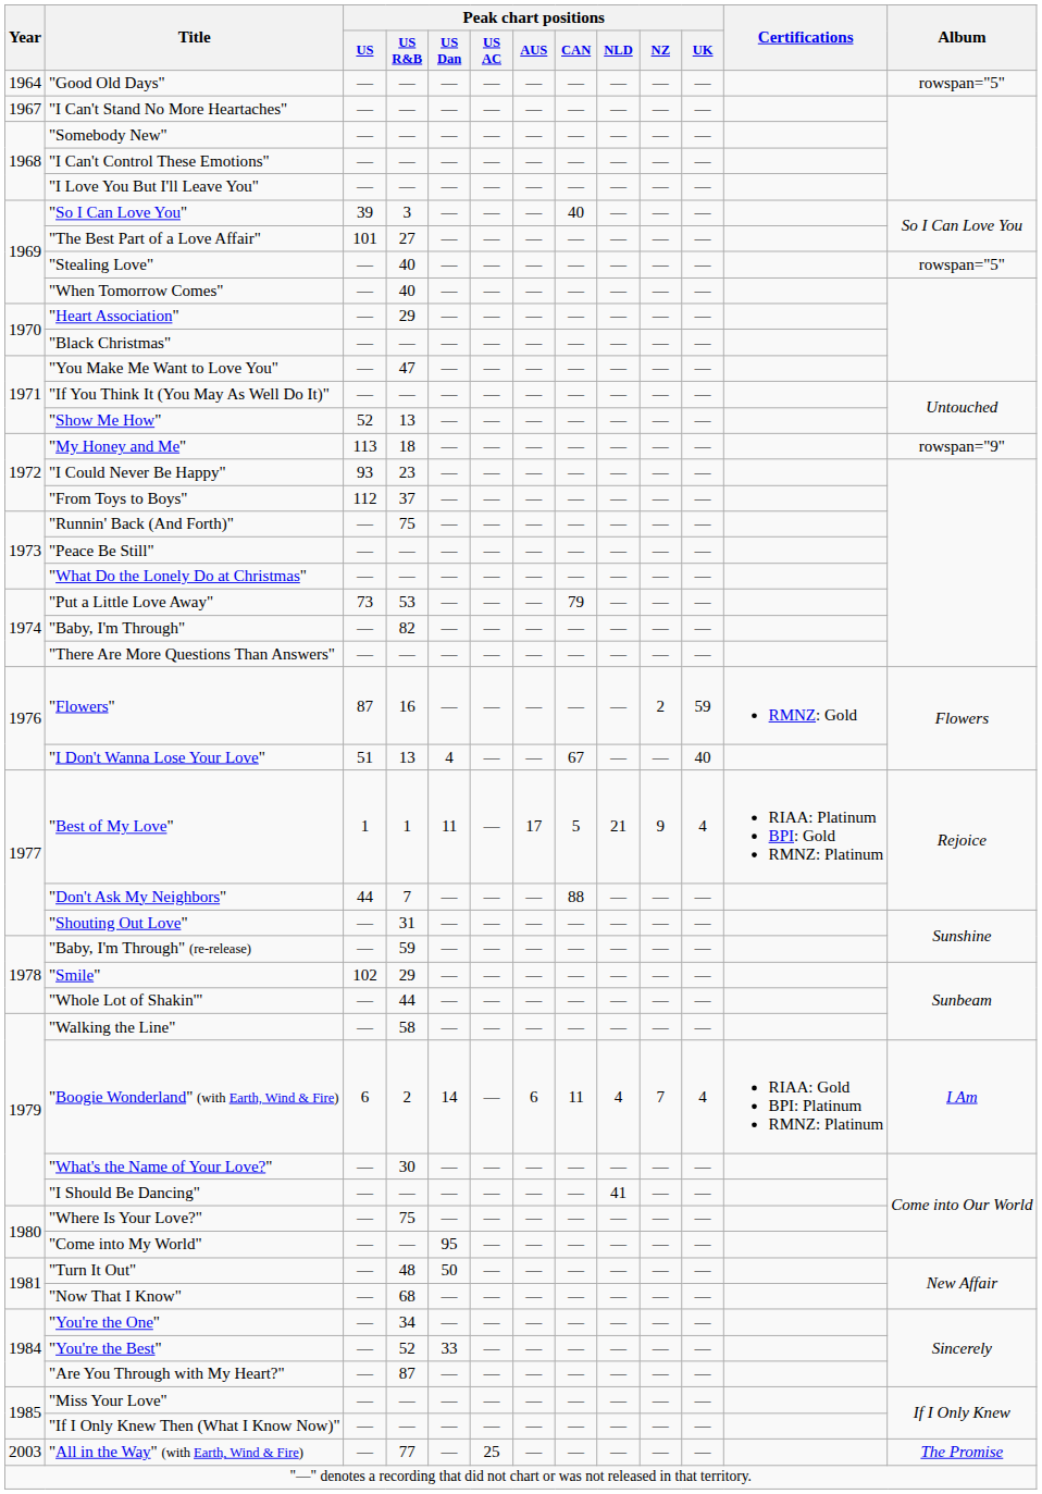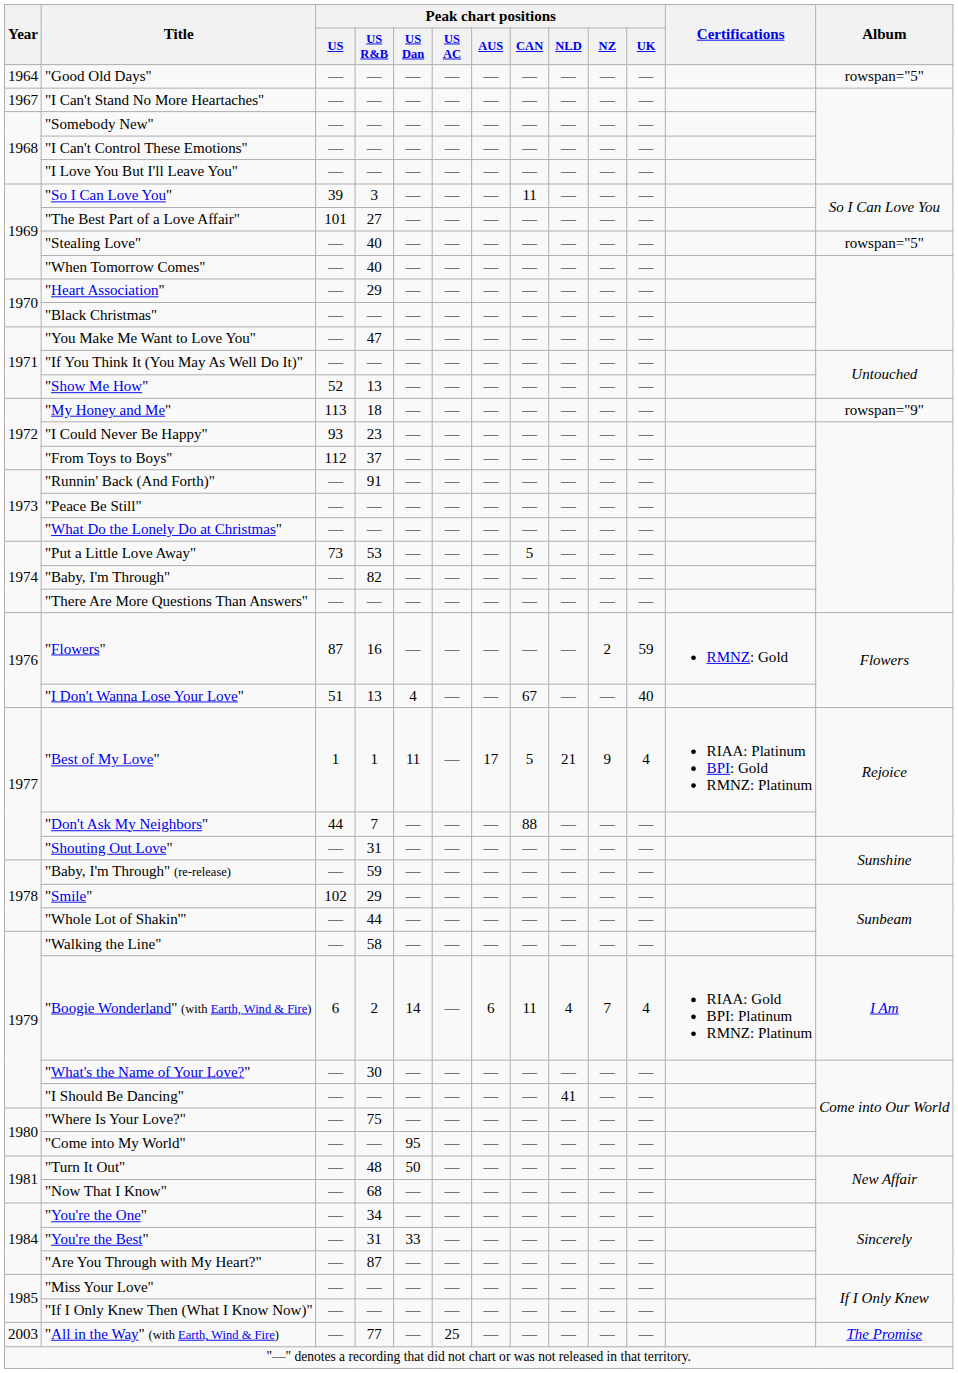 <table class="wikitable" style="text-align:center;">
 <tr>
 <th rowspan="2">Year</th>
 <th rowspan="2">Title</th>
 <th colspan="9">Peak chart positions</th>
 <th rowspan="2"><a href='#'>Certifications</a></th>
 <th rowspan="2">Album</th>
 </tr>
 <tr style="font-size:smaller;">
 <th width="35"><a href='#'>US</a><br></th>
 <th width="35"><a href='#'>US<br>R&B</a><br></th>
 <th width="35"><a href='#'>US<br>Dan</a><br></th>
 <th width="35"><a href='#'>US<br>AC</a><br></th>
 <th width="35"><a href='#'>AUS</a><br></th>
 <th width="35"><a href='#'>CAN</a><br></th>
 <th width="35"><a href='#'>NLD</a><br></th>
 <th width="35"><a href='#'>NZ</a><br></th>
 <th width="35"><a href='#'>UK</a><br></th>
 </tr>
 <tr>
 <td>1964</td>
 <td align="left">"Good Old Days"</td>
 <td>—</td>
 <td>—</td>
 <td>—</td>
 <td>—</td>
 <td>—</td>
 <td>—</td>
 <td>—</td>
 <td>—</td>
 <td>—</td>
 <td align=left></td>
 <td>rowspan="5" </td>
 </tr>
 <tr>
 <td>1967</td>
 <td align="left">"I Can't Stand No More Heartaches"</td>
 <td>—</td>
 <td>—</td>
 <td>—</td>
 <td>—</td>
 <td>—</td>
 <td>—</td>
 <td>—</td>
 <td>—</td>
 <td>—</td>
 <td align=left></td>
 </tr>
 <tr>
 <td rowspan="3">1968</td>
 <td align="left">"Somebody New"</td>
 <td>—</td>
 <td>—</td>
 <td>—</td>
 <td>—</td>
 <td>—</td>
 <td>—</td>
 <td>—</td>
 <td>—</td>
 <td>—</td>
 <td align=left></td>
 </tr>
 <tr>
 <td align="left">"I Can't Control These Emotions"</td>
 <td>—</td>
 <td>—</td>
 <td>—</td>
 <td>—</td>
 <td>—</td>
 <td>—</td>
 <td>—</td>
 <td>—</td>
 <td>—</td>
 <td align=left></td>
 </tr>
 <tr>
 <td align="left">"I Love You But I'll Leave You"</td>
 <td>—</td>
 <td>—</td>
 <td>—</td>
 <td>—</td>
 <td>—</td>
 <td>—</td>
 <td>—</td>
 <td>—</td>
 <td>—</td>
 <td align=left></td>
 </tr>
 <tr>
 <td rowspan="4">1969</td>
 <td align="left">"<a href='#'>So I Can Love You</a>"</td>
 <td>39</td>
 <td>3</td>
 <td>—</td>
 <td>—</td>
 <td>—</td>
-<td>40</td>
+<td>11</td>
 <td>—</td>
 <td>—</td>
 <td>—</td>
 <td align=left></td>
 <td rowspan="2"><em>So I Can Love You</em></td>
 </tr>
 <tr>
 <td align="left">"The Best Part of a Love Affair"</td>
 <td>101</td>
 <td>27</td>
 <td>—</td>
 <td>—</td>
 <td>—</td>
 <td>—</td>
 <td>—</td>
 <td>—</td>
 <td>—</td>
 <td align=left></td>
 </tr>
 <tr>
 <td align="left">"Stealing Love"</td>
 <td>—</td>
 <td>40</td>
 <td>—</td>
 <td>—</td>
 <td>—</td>
 <td>—</td>
 <td>—</td>
 <td>—</td>
 <td>—</td>
 <td align=left></td>
 <td>rowspan="5" </td>
 </tr>
 <tr>
 <td align="left">"When Tomorrow Comes"</td>
 <td>—</td>
 <td>40</td>
 <td>—</td>
 <td>—</td>
 <td>—</td>
 <td>—</td>
 <td>—</td>
 <td>—</td>
 <td>—</td>
 <td align=left></td>
 </tr>
 <tr>
 <td rowspan="2">1970</td>
 <td align="left">"<a href='#'>Heart Association</a>"</td>
 <td>—</td>
 <td>29</td>
 <td>—</td>
 <td>—</td>
 <td>—</td>
 <td>—</td>
 <td>—</td>
 <td>—</td>
 <td>—</td>
 <td align=left></td>
 </tr>
 <tr>
 <td align="left">"Black Christmas"</td>
 <td>—</td>
 <td>—</td>
 <td>—</td>
 <td>—</td>
 <td>—</td>
 <td>—</td>
 <td>—</td>
 <td>—</td>
 <td>—</td>
 <td align=left></td>
 </tr>
 <tr>
 <td rowspan="3">1971</td>
 <td align="left">"You Make Me Want to Love You"</td>
 <td>—</td>
 <td>47</td>
 <td>—</td>
 <td>—</td>
 <td>—</td>
 <td>—</td>
 <td>—</td>
 <td>—</td>
 <td>—</td>
 <td align=left></td>
 </tr>
 <tr>
 <td align="left">"If You Think It (You May As Well Do It)"</td>
 <td>—</td>
 <td>—</td>
 <td>—</td>
 <td>—</td>
 <td>—</td>
 <td>—</td>
 <td>—</td>
 <td>—</td>
 <td>—</td>
 <td align=left></td>
 <td rowspan="2"><em>Untouched</em></td>
 </tr>
 <tr>
 <td align="left">"<a href='#'>Show Me How</a>"</td>
 <td>52</td>
 <td>13</td>
 <td>—</td>
 <td>—</td>
 <td>—</td>
 <td>—</td>
 <td>—</td>
 <td>—</td>
 <td>—</td>
 <td align=left></td>
 </tr>
 <tr>
 <td rowspan="3">1972</td>
 <td align="left">"<a href='#'>My Honey and Me</a>"</td>
 <td>113</td>
 <td>18</td>
 <td>—</td>
 <td>—</td>
 <td>—</td>
 <td>—</td>
 <td>—</td>
 <td>—</td>
 <td>—</td>
 <td align=left></td>
 <td>rowspan="9" </td>
 </tr>
 <tr>
 <td align="left">"I Could Never Be Happy"</td>
 <td>93</td>
 <td>23</td>
 <td>—</td>
 <td>—</td>
 <td>—</td>
 <td>—</td>
 <td>—</td>
 <td>—</td>
 <td>—</td>
 <td align=left></td>
 </tr>
 <tr>
 <td align="left">"From Toys to Boys"</td>
 <td>112</td>
 <td>37</td>
 <td>—</td>
 <td>—</td>
 <td>—</td>
 <td>—</td>
 <td>—</td>
 <td>—</td>
 <td>—</td>
 <td align=left></td>
 </tr>
 <tr>
 <td rowspan="3">1973</td>
 <td align="left">"Runnin' Back (And Forth)"</td>
 <td>—</td>
-<td>75</td>
+<td>91</td>
 <td>—</td>
 <td>—</td>
 <td>—</td>
 <td>—</td>
 <td>—</td>
 <td>—</td>
 <td>—</td>
 <td align=left></td>
 </tr>
 <tr>
 <td align="left">"Peace Be Still"</td>
 <td>—</td>
 <td>—</td>
 <td>—</td>
 <td>—</td>
 <td>—</td>
 <td>—</td>
 <td>—</td>
 <td>—</td>
 <td>—</td>
 <td align=left></td>
 </tr>
 <tr>
 <td align="left">"<a href='#'>What Do the Lonely Do at Christmas</a>"</td>
 <td>—</td>
 <td>—</td>
 <td>—</td>
 <td>—</td>
 <td>—</td>
 <td>—</td>
 <td>—</td>
 <td>—</td>
 <td>—</td>
 <td align=left></td>
 </tr>
 <tr>
 <td rowspan="3">1974</td>
 <td align="left">"Put a Little Love Away"</td>
 <td>73</td>
 <td>53</td>
 <td>—</td>
 <td>—</td>
 <td>—</td>
-<td>79</td>
+<td>5</td>
 <td>—</td>
 <td>—</td>
 <td>—</td>
 <td align=left></td>
 </tr>
 <tr>
 <td align="left">"Baby, I'm Through"</td>
 <td>—</td>
 <td>82</td>
 <td>—</td>
 <td>—</td>
 <td>—</td>
 <td>—</td>
 <td>—</td>
 <td>—</td>
 <td>—</td>
 <td align=left></td>
 </tr>
 <tr>
 <td align="left">"There Are More Questions Than Answers"</td>
 <td>—</td>
 <td>—</td>
 <td>—</td>
 <td>—</td>
 <td>—</td>
 <td>—</td>
 <td>—</td>
 <td>—</td>
 <td>—</td>
 <td align=left></td>
 </tr>
 <tr>
 <td rowspan="2">1976</td>
 <td align="left">"<a href='#'>Flowers</a>"</td>
 <td>87</td>
 <td>16</td>
 <td>—</td>
 <td>—</td>
 <td>—</td>
 <td>—</td>
 <td>—</td>
 <td>2</td>
 <td>59</td>
 <td align=left><br><ul><li><a href='#'>RMNZ</a>: Gold</li></ul></td>
 <td rowspan="2"><em>Flowers</em></td>
 </tr>
 <tr>
 <td align="left">"<a href='#'>I Don't Wanna Lose Your Love</a>"</td>
 <td>51</td>
 <td>13</td>
 <td>4</td>
 <td>—</td>
 <td>—</td>
 <td>67</td>
 <td>—</td>
 <td>—</td>
 <td>40</td>
 <td align=left></td>
 </tr>
 <tr>
 <td rowspan="3">1977</td>
 <td align="left">"<a href='#'>Best of My Love</a>"</td>
 <td>1</td>
 <td>1</td>
 <td>11</td>
 <td>—</td>
 <td>17</td>
 <td>5</td>
 <td>21</td>
 <td>9</td>
 <td>4</td>
 <td align=left><br><ul><li>RIAA: Platinum</li><li><a href='#'>BPI</a>: Gold</li><li>RMNZ: Platinum</li></ul></td>
 <td rowspan="2"><em>Rejoice</em></td>
 </tr>
 <tr>
 <td align="left">"<a href='#'>Don't Ask My Neighbors</a>"</td>
 <td>44</td>
 <td>7</td>
 <td>—</td>
 <td>—</td>
 <td>—</td>
 <td>88</td>
 <td>—</td>
 <td>—</td>
 <td>—</td>
 <td align=left></td>
 </tr>
 <tr>
 <td align="left">"<a href='#'>Shouting Out Love</a>"</td>
 <td>—</td>
 <td>31</td>
 <td>—</td>
 <td>—</td>
 <td>—</td>
 <td>—</td>
 <td>—</td>
 <td>—</td>
 <td>—</td>
 <td align=left></td>
 <td rowspan="2"><em>Sunshine</em></td>
 </tr>
 <tr>
 <td rowspan="3">1978</td>
 <td align="left">"Baby, I'm Through" <small>(re-release)</small></td>
 <td>—</td>
 <td>59</td>
 <td>—</td>
 <td>—</td>
 <td>—</td>
 <td>—</td>
 <td>—</td>
 <td>—</td>
 <td>—</td>
 <td align=left></td>
 </tr>
 <tr>
 <td align="left">"<a href='#'>Smile</a>"</td>
 <td>102</td>
 <td>29</td>
 <td>—</td>
 <td>—</td>
 <td>—</td>
 <td>—</td>
 <td>—</td>
 <td>—</td>
 <td>—</td>
 <td align=left></td>
 <td rowspan="3"><em>Sunbeam</em></td>
 </tr>
 <tr>
 <td align="left">"Whole Lot of Shakin'"</td>
 <td>—</td>
 <td>44</td>
 <td>—</td>
 <td>—</td>
 <td>—</td>
 <td>—</td>
 <td>—</td>
 <td>—</td>
 <td>—</td>
 <td align=left></td>
 </tr>
 <tr>
 <td rowspan="4">1979</td>
 <td align="left">"Walking the Line"</td>
 <td>—</td>
 <td>58</td>
 <td>—</td>
 <td>—</td>
 <td>—</td>
 <td>—</td>
 <td>—</td>
 <td>—</td>
 <td>—</td>
 <td align=left></td>
 </tr>
 <tr>
 <td align="left">"<a href='#'>Boogie Wonderland</a>" <small>(with <a href='#'>Earth, Wind & Fire</a>)</small></td>
 <td>6</td>
 <td>2</td>
 <td>14</td>
 <td>—</td>
 <td>6</td>
 <td>11</td>
 <td>4</td>
 <td>7</td>
 <td>4</td>
 <td align=left><br><ul><li>RIAA: Gold</li><li>BPI: Platinum</li><li>RMNZ: Platinum</li></ul></td>
 <td rowspan="1"><em><a href='#'>I Am</a></em></td>
 </tr>
 <tr>
 <td align="left">"<a href='#'>What's the Name of Your Love?</a>"</td>
 <td>—</td>
 <td>30</td>
 <td>—</td>
 <td>—</td>
 <td>—</td>
 <td>—</td>
 <td>—</td>
 <td>—</td>
 <td>—</td>
 <td align=left></td>
 <td rowspan="4"><em>Come into Our World</em></td>
 </tr>
 <tr>
 <td align="left">"I Should Be Dancing"</td>
 <td>—</td>
 <td>—</td>
 <td>—</td>
 <td>—</td>
 <td>—</td>
 <td>—</td>
 <td>41</td>
 <td>—</td>
 <td>—</td>
 <td align=left></td>
 </tr>
 <tr>
 <td rowspan="2">1980</td>
 <td align="left">"Where Is Your Love?"</td>
 <td>—</td>
 <td>75</td>
 <td>—</td>
 <td>—</td>
 <td>—</td>
 <td>—</td>
 <td>—</td>
 <td>—</td>
 <td>—</td>
 <td align=left></td>
 </tr>
 <tr>
 <td align="left">"Come into My World"</td>
 <td>—</td>
 <td>—</td>
 <td>95</td>
 <td>—</td>
 <td>—</td>
 <td>—</td>
 <td>—</td>
 <td>—</td>
 <td>—</td>
 <td align=left></td>
 </tr>
 <tr>
 <td rowspan="2">1981</td>
 <td align="left">"Turn It Out"</td>
 <td>—</td>
 <td>48</td>
 <td>50</td>
 <td>—</td>
 <td>—</td>
 <td>—</td>
 <td>—</td>
 <td>—</td>
 <td>—</td>
 <td align=left></td>
 <td rowspan="2"><em>New Affair</em></td>
 </tr>
 <tr>
 <td align="left">"Now That I Know"</td>
 <td>—</td>
 <td>68</td>
 <td>—</td>
 <td>—</td>
 <td>—</td>
 <td>—</td>
 <td>—</td>
 <td>—</td>
 <td>—</td>
 <td align=left></td>
 </tr>
 <tr>
 <td rowspan="3">1984</td>
 <td align="left">"<a href='#'>You're the One</a>"</td>
 <td>—</td>
 <td>34</td>
 <td>—</td>
 <td>—</td>
 <td>—</td>
 <td>—</td>
 <td>—</td>
 <td>—</td>
 <td>—</td>
 <td align=left></td>
 <td rowspan="3"><em>Sincerely</em></td>
 </tr>
 <tr>
 <td align="left">"<a href='#'>You're the Best</a>"</td>
 <td>—</td>
-<td>52</td>
+<td>31</td>
 <td>33</td>
 <td>—</td>
 <td>—</td>
 <td>—</td>
 <td>—</td>
 <td>—</td>
 <td>—</td>
 <td align=left></td>
 </tr>
 <tr>
 <td align="left">"Are You Through with My Heart?"</td>
 <td>—</td>
 <td>87</td>
 <td>—</td>
 <td>—</td>
 <td>—</td>
 <td>—</td>
 <td>—</td>
 <td>—</td>
 <td>—</td>
 <td align=left></td>
 </tr>
 <tr>
 <td rowspan="2">1985</td>
 <td align="left">"Miss Your Love"</td>
 <td>—</td>
 <td>—</td>
 <td>—</td>
 <td>—</td>
 <td>—</td>
 <td>—</td>
 <td>—</td>
 <td>—</td>
 <td>—</td>
 <td align=left></td>
 <td rowspan="2"><em>If I Only Knew</em></td>
 </tr>
 <tr>
 <td align="left">"If I Only Knew Then (What I Know Now)"</td>
 <td>—</td>
 <td>—</td>
 <td>—</td>
 <td>—</td>
 <td>—</td>
 <td>—</td>
 <td>—</td>
 <td>—</td>
 <td>—</td>
 <td align=left></td>
 </tr>
 <tr>
 <td>2003</td>
 <td align="left">"<a href='#'>All in the Way</a>" <small>(with <a href='#'>Earth, Wind & Fire</a>)</small></td>
 <td>—</td>
 <td>77</td>
 <td>—</td>
 <td>25</td>
 <td>—</td>
 <td>—</td>
 <td>—</td>
 <td>—</td>
 <td>—</td>
 <td align=left></td>
 <td rowspan="1"><em><a href='#'>The Promise</a></em></td>
 </tr>
 <tr>
 <td colspan="15" style="font-size:90%">"—" denotes a recording that did not chart or was not released in that territory.</td>
 </tr>
 </table>
